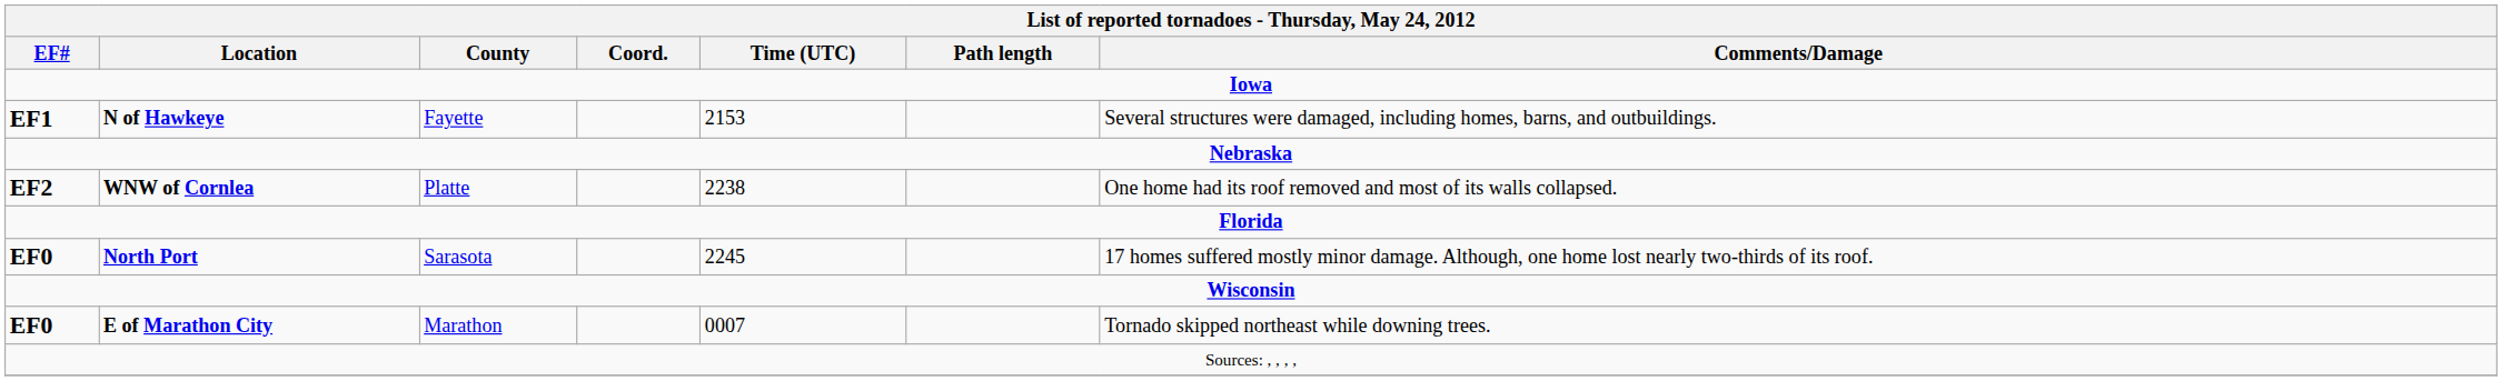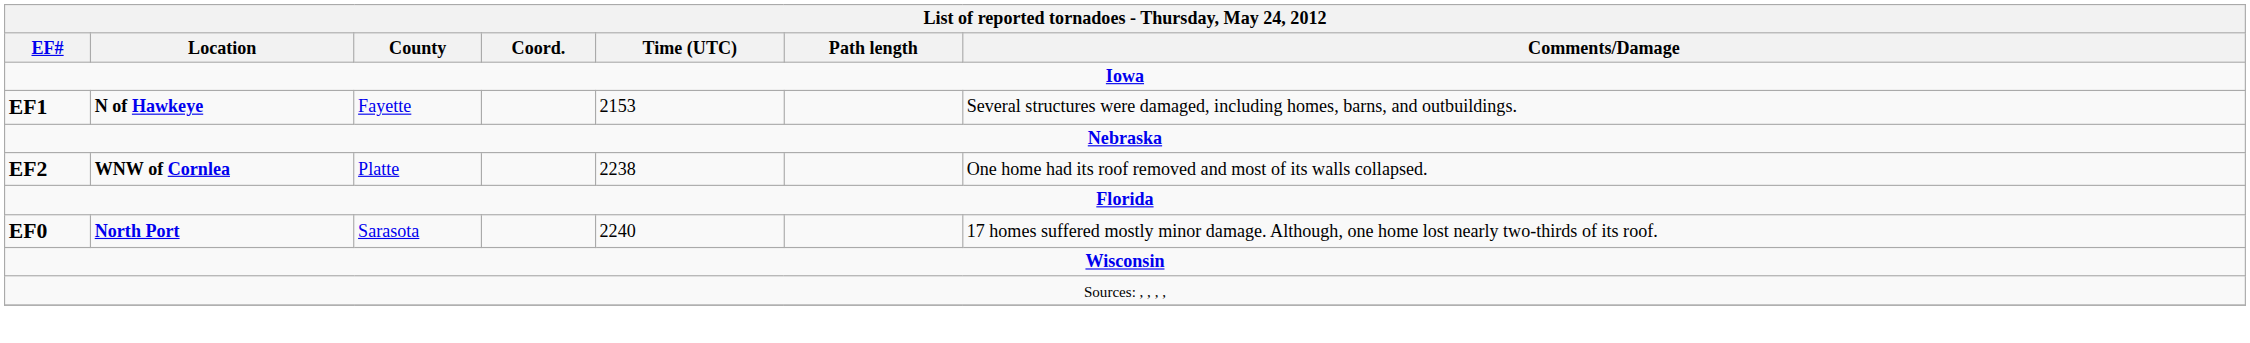 <table class="wikitable collapsible" width="100%">
 <tr>
 <th colspan="7">List of reported tornadoes - Thursday, May 24, 2012</th>
 </tr>
 <tr>
 <th><a href='#'>EF#</a></th>
 <th>Location</th>
 <th>County</th>
 <th>Coord.</th>
 <th>Time (UTC)</th>
 <th>Path length</th>
 <th>Comments/Damage</th>
 </tr>
 <tr>
 <td colspan="7" align=center><strong><a href='#'>Iowa</a></strong></td>
 </tr>
 <tr>
 <td><big><strong>EF1</strong></big></td>
 <td><strong>N of <a href='#'>Hawkeye</a></strong></td>
 <td><a href='#'>Fayette</a></td>
 <td></td>
 <td>2153</td>
 <td></td>
 <td>Several structures were damaged, including homes, barns, and outbuildings.</td>
 </tr>
 <tr>
 <td colspan="7" align=center><strong><a href='#'>Nebraska</a></strong></td>
 </tr>
 <tr>
 <td><big><strong>EF2</strong></big></td>
 <td><strong>WNW of <a href='#'>Cornlea</a></strong></td>
 <td><a href='#'>Platte</a></td>
 <td></td>
 <td>2238</td>
 <td></td>
 <td>One home had its roof removed and most of its walls collapsed.</td>
 </tr>
 <tr>
 <td colspan="7" align=center><strong><a href='#'>Florida</a></strong></td>
 </tr>
 <tr>
 <td><big><strong>EF0</strong></big></td>
 <td><strong><a href='#'>North Port</a></strong></td>
 <td><a href='#'>Sarasota</a></td>
 <td></td>
-<td>2245</td>
+<td>2240</td>
 <td></td>
 <td>17 homes suffered mostly minor damage. Although, one home lost nearly two-thirds of its roof.</td>
 </tr>
 <tr>
 <td colspan="7" align=center><strong><a href='#'>Wisconsin</a></strong></td>
 </tr>
 <tr>
-<td><big><strong>EF0</strong></big></td>
-<td><strong>E of <a href='#'>Marathon City</a></strong></td>
-<td><a href='#'>Marathon</a></td>
-<td></td>
-<td>0007</td>
-<td></td>
-<td>Tornado skipped northeast while downing trees.</td>
-</tr>
-<tr>
 <td colspan="7" align=center><small>Sources: , , , , </small></td>
 </tr>
 <tr>
 </tr>
 </table>
